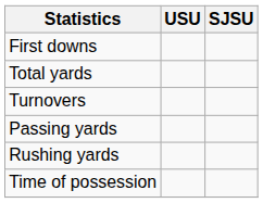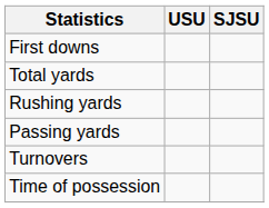 <table class="wikitable" style="float: left;">
 <tr>
 <th>Statistics</th>
 <th>USU</th>
 <th>SJSU</th>
 </tr>
 <tr>
 <td>First downs</td>
 <td></td>
 <td></td>
 </tr>
 <tr>
 <td>Total yards</td>
 <td></td>
 <td></td>
 </tr>
 <tr>
-<td>Turnovers</td>
+<td>Rushing yards</td>
 <td></td>
 <td></td>
 </tr>
 <tr>
 <td>Passing yards</td>
 <td></td>
 <td></td>
 </tr>
 <tr>
-<td>Rushing yards</td>
+<td>Turnovers</td>
 <td></td>
 <td></td>
 </tr>
 <tr>
 <td>Time of possession</td>
 <td></td>
 <td></td>
 </tr>
 <tr>
 </tr>
 </table>
